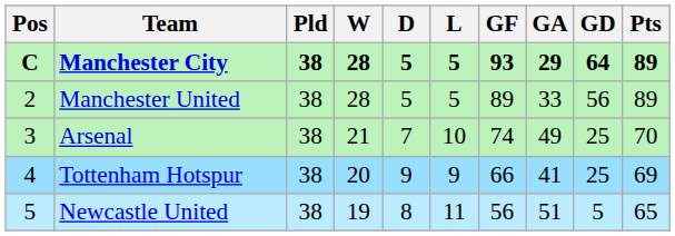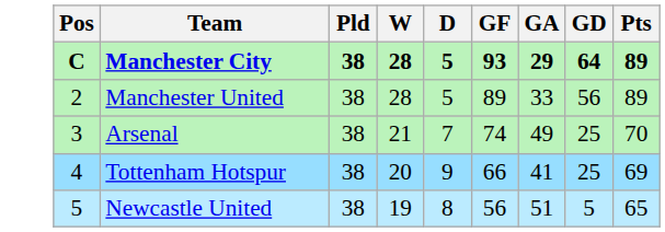 <table class=wikitable align="right" style="text-align:center;">
 <tr>
 <th width="25px">Pos</th>
 <th width="150px">Team</th>
 <th width="25px">Pld</th>
 <th width="25px">W</th>
 <th width="25px">D</th>
-<th width="25px">L</th>
 <th width="25px">GF</th>
 <th width="25px">GA</th>
 <th width="25px">GD</th>
 <th width="25px">Pts</th>
 </tr>
 <tr style="background:#bbf3bb">
 <td><strong>C</strong></td>
 <td style="text-align:left;"><strong><a href='#'>Manchester City</a></strong></td>
 <td><strong>38</strong></td>
 <td><strong>28</strong></td>
-<td><strong>5</strong></td>
 <td><strong>5</strong></td>
 <td><strong>93</strong></td>
 <td><strong>29</strong></td>
 <td><strong>64</strong></td>
 <td><strong>89</strong></td>
 </tr>
 <tr style="background:#bbf3bb">
 <td>2</td>
 <td style="text-align:left;"><a href='#'>Manchester United</a></td>
 <td>38</td>
 <td>28</td>
 <td>5</td>
-<td>5</td>
 <td>89</td>
 <td>33</td>
 <td>56</td>
 <td>89</td>
 </tr>
 <tr style="background:#bbf3bb">
 <td>3</td>
 <td style="text-align:left;"><a href='#'>Arsenal</a></td>
 <td>38</td>
 <td>21</td>
 <td>7</td>
-<td>10</td>
 <td>74</td>
 <td>49</td>
 <td>25</td>
 <td>70</td>
 </tr>
 <tr style="background:#97deff">
 <td>4</td>
 <td style="text-align:left;"><a href='#'>Tottenham Hotspur</a></td>
 <td>38</td>
 <td>20</td>
-<td>9</td>
 <td>9</td>
 <td>66</td>
 <td>41</td>
 <td>25</td>
 <td>69</td>
 </tr>
 <tr style="background:#bbebff">
 <td>5</td>
 <td style="text-align:left;"><a href='#'>Newcastle United</a></td>
 <td>38</td>
 <td>19</td>
 <td>8</td>
-<td>11</td>
 <td>56</td>
 <td>51</td>
 <td>5</td>
 <td>65</td>
 </tr>
 </table>
